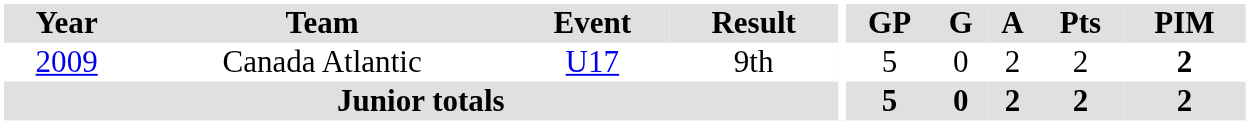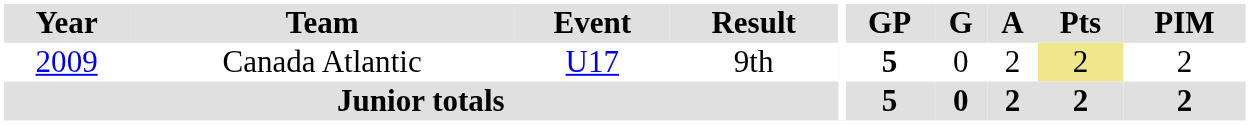 <table border="0" cellpadding="1" cellspacing="0" ID="Table3" style="text-align:center; width:40em">
 <tr ALIGN="center" bgcolor="#e0e0e0">
 <th>Year</th>
 <th>Team</th>
 <th>Event</th>
 <th>Result</th>
 <th rowspan="99" bgcolor="#ffffff"></th>
 <th>GP</th>
 <th>G</th>
 <th>A</th>
 <th>Pts</th>
 <th>PIM</th>
 </tr>
 <tr>
 <td><a href='#'>2009</a></td>
 <td>Canada Atlantic</td>
 <td><a href='#'>U17</a></td>
 <td>9th</td>
-<td>5</td>
+<td><strong>5</strong></td>
 <td>0</td>
 <td>2</td>
+<td style="background: khaki;">2</td>
 <td>2</td>
-<td><strong>2</strong></td>
 </tr>
 <tr bgcolor="#e0e0e0">
 <th colspan="4">Junior totals</th>
 <th>5</th>
 <th>0</th>
 <th>2</th>
 <th>2</th>
 <th>2</th>
 </tr>
 </table>
